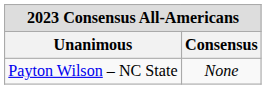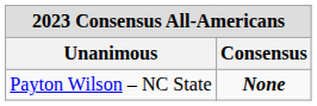 <table class="wikitable" style="white-space:nowrap; font-size:90%; text-align:center;">
 <tr>
 <td colspan="7" style="text-align:center; background:#ddd;"><strong>2023 Consensus All-Americans</strong></td>
 </tr>
 <tr>
 <th>Unanimous</th>
 <th>Consensus</th>
 </tr>
 <tr>
 <td><a href='#'>Payton Wilson</a> – NC State</td>
-<td><em>None</em></td>
+<td><strong><em>None</em></strong></td>
 </tr>
 </table>
